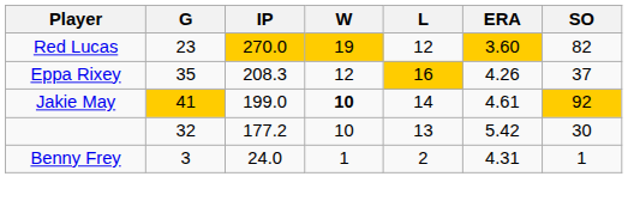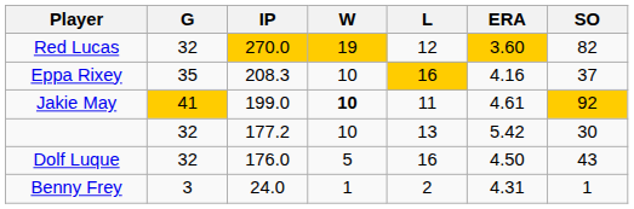 <table class="wikitable sortable">
 <tr>
 <th bgcolor="#DDDDFF" width="16%">Player</th>
 <th bgcolor="#DDDDFF" width="9%">G</th>
 <th bgcolor="#DDDDFF" width="9%">IP</th>
 <th bgcolor="#DDDDFF" width="9%">W</th>
 <th bgcolor="#DDDDFF" width="9%">L</th>
 <th bgcolor="#DDDDFF" width="9%">ERA</th>
 <th bgcolor="#DDDDFF" width="9%">SO</th>
 </tr>
 <tr align="center">
 <td><a href='#'>Red Lucas</a></td>
-<td>23</td>
+<td>32</td>
 <td style="background:#fc0;">270.0</td>
 <td style="background:#fc0;">19</td>
 <td>12</td>
 <td style="background:#fc0;">3.60</td>
 <td>82</td>
 </tr>
 <tr align=center>
 <td><a href='#'>Eppa Rixey</a></td>
 <td>35</td>
 <td>208.3</td>
-<td>12</td>
+<td>10</td>
 <td style="background:#fc0;">16</td>
-<td>4.26</td>
+<td>4.16</td>
 <td>37</td>
 </tr>
 <tr align=center>
 <td><a href='#'>Jakie May</a></td>
 <td style="background:#fc0;">41</td>
 <td>199.0</td>
 <td><strong>10</strong></td>
-<td>14</td>
+<td>11</td>
 <td>4.61</td>
 <td style="background:#fc0;">92</td>
 </tr>
 <tr align=center>
 <td></td>
 <td>32</td>
 <td>177.2</td>
 <td>10</td>
 <td>13</td>
 <td>5.42</td>
 <td>30</td>
 </tr>
+<tr align="center">
+<td><a href='#'>Dolf Luque</a></td>
+<td>32</td>
+<td>176.0</td>
+<td>5</td>
+<td>16</td>
+<td>4.50</td>
+<td>43</td>
+</tr>
 <tr align=center>
 <td><a href='#'>Benny Frey</a></td>
 <td>3</td>
 <td>24.0</td>
 <td>1</td>
 <td>2</td>
 <td>4.31</td>
 <td>1</td>
 </tr>
 </table>
